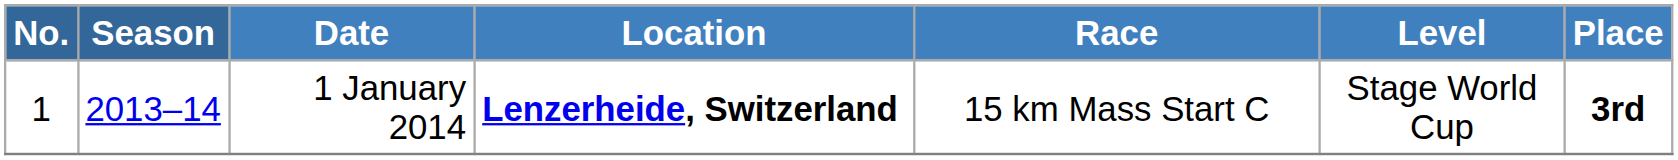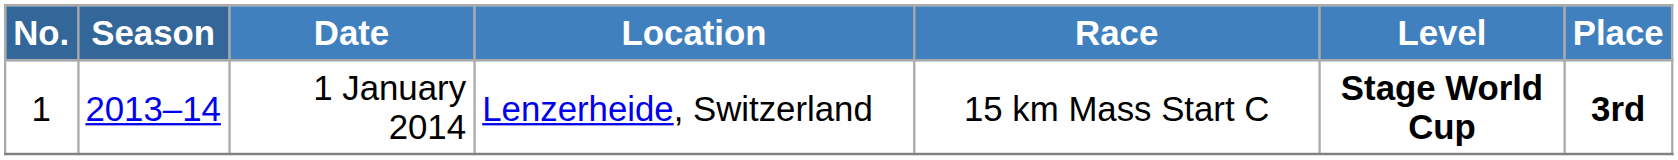 <table class="wikitable sortable" style="font-size:95%; text-align:center; border:grey solid 1px; border-collapse:collapse; background:#ffffff;">
 <tr style="background:#efefef;">
 <th style="background-color:#369; color:white;">No.</th>
 <th style="background-color:#369; color:white;">Season</th>
 <th style="background-color:#4180be; color:white; width:100px;">Date</th>
 <th style="background-color:#4180be; color:white; width:185px;">Location</th>
 <th style="background-color:#4180be; color:white; width:170px;">Race</th>
 <th style="background-color:#4180be; color:white; width:100px;">Level</th>
 <th style="background-color:#4180be; color:white;">Place</th>
 </tr>
 <tr>
 <td align=center>1</td>
 <td rowspan=1align=center><a href='#'>2013–14</a></td>
 <td align=right>1 January 2014</td>
-<td align=left><strong> <a href='#'>Lenzerheide</a>, Switzerland</strong></td>
+<td align=left> <a href='#'>Lenzerheide</a>, Switzerland</td>
 <td>15 km Mass Start C</td>
-<td>Stage World Cup</td>
+<td><strong>Stage World Cup</strong></td>
 <td><strong>3rd</strong></td>
 </tr>
 <tr>
 </tr>
 </table>
